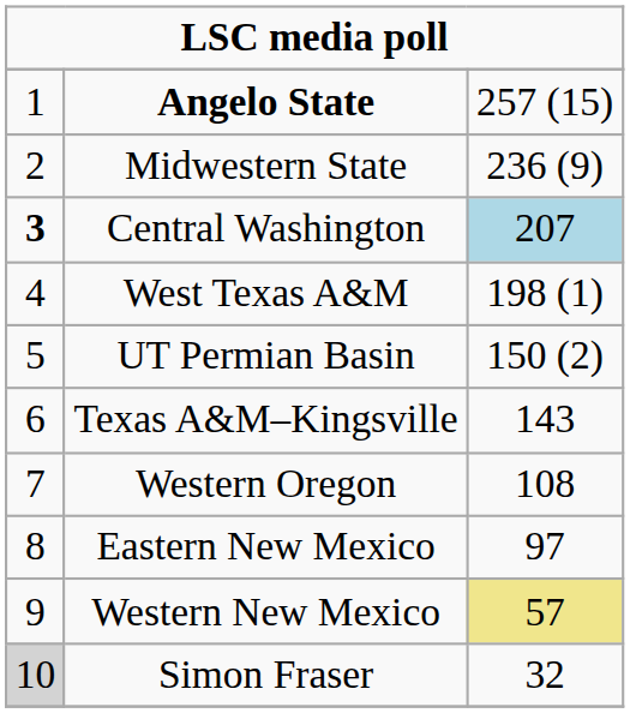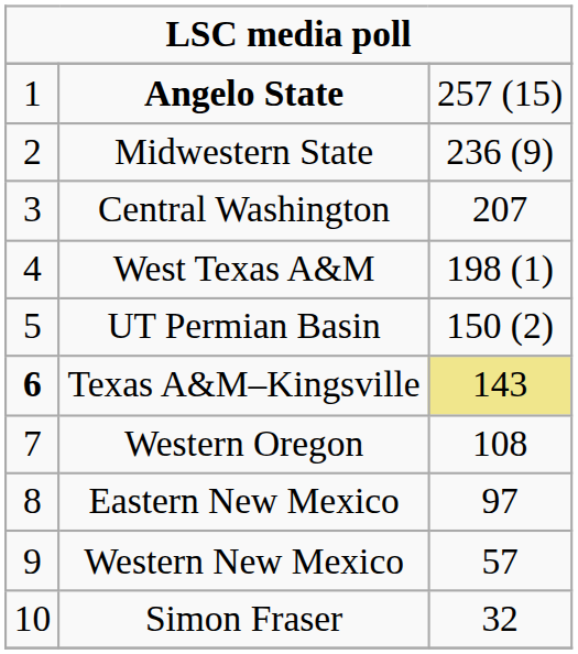 <table class="wikitable" style="display: inline-table;">
 <tr>
 <td align="center" Colspan="3"><strong>LSC media poll</strong></td>
 </tr>
 <tr align="center">
 </tr>
 <tr align="center">
 <td>1</td>
 <td><strong>Angelo State</strong></td>
 <td>257 (15)</td>
 </tr>
 <tr align="center">
 <td>2</td>
 <td>Midwestern State</td>
 <td>236 (9)</td>
 </tr>
 <tr align="center">
-<td><strong>3</strong></td>
+<td>3</td>
 <td>Central Washington</td>
-<td style="background: lightblue;">207</td>
+<td>207</td>
 </tr>
 <tr align="center">
 <td>4</td>
 <td>West Texas A&M</td>
 <td>198 (1)</td>
 </tr>
 <tr align="center">
 <td>5</td>
 <td>UT Permian Basin</td>
 <td>150 (2)</td>
 </tr>
 <tr align="center">
-<td>6</td>
+<td><strong>6</strong></td>
 <td>Texas A&M–Kingsville</td>
-<td>143</td>
+<td style="background: khaki;">143</td>
 </tr>
 <tr align="center">
 <td>7</td>
 <td>Western Oregon</td>
 <td>108</td>
 </tr>
 <tr align="center">
 <td>8</td>
 <td>Eastern New Mexico</td>
 <td>97</td>
 </tr>
 <tr align="center">
 <td>9</td>
 <td>Western New Mexico</td>
-<td style="background: khaki;">57</td>
+<td>57</td>
 </tr>
 <tr align="center">
-<td style="background: lightgrey;">10</td>
+<td>10</td>
 <td>Simon Fraser</td>
 <td>32</td>
 </tr>
 <tr>
 </tr>
 </table>
